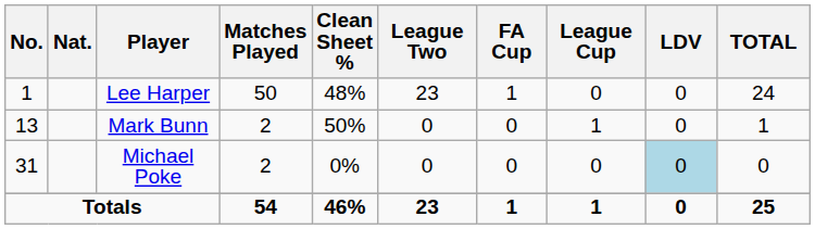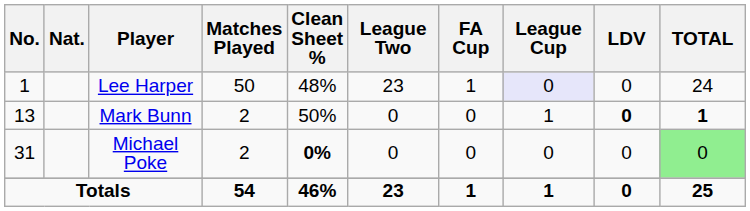 <table class="wikitable sortable alternance"  style="font-size:85%; text-align:center; line-height:14px; width:60%;">
 <tr>
 <th width=10>No.</th>
 <th width=10>Nat.</th>
 <th scope="col" style="width:300px;">Player</th>
 <th>Matches Played</th>
 <th>Clean Sheet %</th>
 <th width=150>League Two</th>
 <th width=150>FA Cup</th>
 <th width=150>League Cup</th>
 <th width=150>LDV</th>
 <th width=150>TOTAL</th>
 </tr>
 <tr>
 <td>1</td>
 <td></td>
 <td><a href='#'>Lee Harper</a></td>
 <td>50</td>
 <td>48%</td>
 <td>23</td>
 <td>1</td>
-<td>0</td>
+<td style="background: lavender;">0</td>
 <td>0</td>
 <td>24</td>
 </tr>
 <tr>
 <td>13</td>
 <td></td>
 <td><a href='#'>Mark Bunn</a></td>
 <td>2</td>
 <td>50%</td>
 <td>0</td>
 <td>0</td>
 <td>1</td>
-<td>0</td>
-<td>1</td>
+<td><strong>0</strong></td>
+<td><strong>1</strong></td>
 </tr>
 <tr>
 <td>31</td>
 <td></td>
 <td><a href='#'>Michael Poke</a></td>
 <td>2</td>
-<td>0%</td>
+<td><strong>0%</strong></td>
 <td>0</td>
 <td>0</td>
 <td>0</td>
-<td style="background: lightblue;">0</td>
 <td>0</td>
+<td style="background: lightgreen;">0</td>
 </tr>
 <tr>
 </tr>
 <tr class="sortbottom">
 <td colspan="3"><strong>Totals</strong></td>
 <td><strong>54</strong></td>
 <td><strong>46%</strong></td>
 <td><strong>23</strong></td>
 <td><strong>1</strong></td>
 <td><strong>1</strong></td>
 <td><strong>0</strong></td>
 <td><strong>25</strong></td>
 </tr>
 </table>
